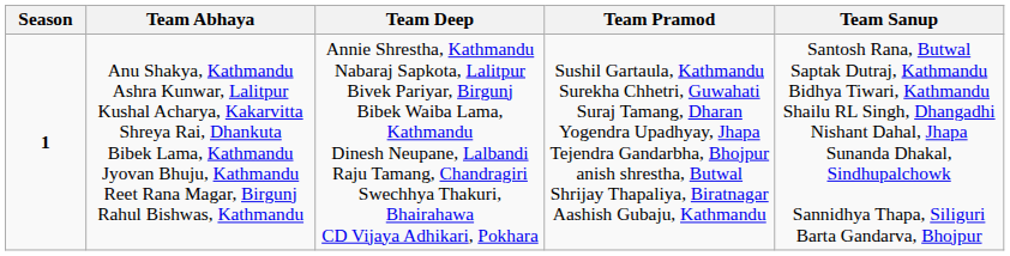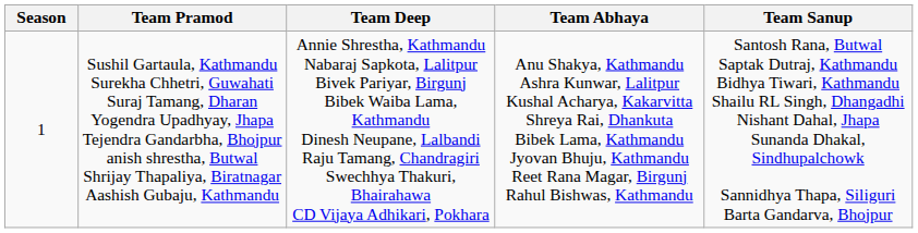 <table class="wikitable plainrowheaders" style="text-align:center">
 <tr>
 <th style="width:5%;" scope="col">Season</th>
+<th style="width:17%;" scope="col">Team Pramod</th>
+<th style="width:17%;" scope="col">Team Deep</th>
 <th style="width:17%;" scope="col">Team Abhaya</th>
-<th style="width:17%;" scope="col">Team Deep</th>
-<th style="width:17%;" scope="col">Team Pramod</th>
 <th style="width:17%;" scope="col">Team Sanup</th>
 </tr>
 <tr>
-<td scope="row"><strong>1</strong></td>
+<td scope="row">1</td>
+<td>Sushil Gartaula, <a href='#'>Kathmandu</a> <br>Surekha Chhetri, <a href='#'>Guwahati</a><br>Suraj Tamang, <a href='#'>Dharan</a><br>Yogendra Upadhyay, <a href='#'>Jhapa</a><br>Tejendra Gandarbha, <a href='#'>Bhojpur</a><br>anish shrestha, <a href='#'>Butwal</a><br>Shrijay Thapaliya, <a href='#'>Biratnagar</a><br>Aashish Gubaju, <a href='#'>Kathmandu</a></td>
+<td>Annie Shrestha, <a href='#'>Kathmandu</a><br>Nabaraj Sapkota, <a href='#'>Lalitpur</a> <br>Bivek Pariyar, <a href='#'>Birgunj</a><br>Bibek Waiba Lama, <a href='#'>Kathmandu</a><br>Dinesh Neupane, <a href='#'>Lalbandi</a><br>Raju Tamang, <a href='#'>Chandragiri</a><br>Swechhya Thakuri, <a href='#'>Bhairahawa</a><br><a href='#'>CD Vijaya Adhikari</a>, <a href='#'>Pokhara</a></td>
 <td>Anu Shakya, <a href='#'>Kathmandu</a> <br>Ashra Kunwar, <a href='#'>Lalitpur</a><br>Kushal Acharya, <a href='#'>Kakarvitta</a><br>Shreya Rai, <a href='#'>Dhankuta</a><br>Bibek Lama, <a href='#'>Kathmandu</a><br>Jyovan Bhuju, <a href='#'>Kathmandu</a><br>Reet Rana Magar, <a href='#'>Birgunj</a><br>Rahul Bishwas, <a href='#'>Kathmandu</a><br></td>
-<td>Annie Shrestha, <a href='#'>Kathmandu</a><br>Nabaraj Sapkota, <a href='#'>Lalitpur</a> <br>Bivek Pariyar, <a href='#'>Birgunj</a><br>Bibek Waiba Lama, <a href='#'>Kathmandu</a><br>Dinesh Neupane, <a href='#'>Lalbandi</a><br>Raju Tamang, <a href='#'>Chandragiri</a><br>Swechhya Thakuri, <a href='#'>Bhairahawa</a><br><a href='#'>CD Vijaya Adhikari</a>, <a href='#'>Pokhara</a></td>
-<td>Sushil Gartaula, <a href='#'>Kathmandu</a> <br>Surekha Chhetri, <a href='#'>Guwahati</a><br>Suraj Tamang, <a href='#'>Dharan</a><br>Yogendra Upadhyay, <a href='#'>Jhapa</a><br>Tejendra Gandarbha, <a href='#'>Bhojpur</a><br>anish shrestha, <a href='#'>Butwal</a><br>Shrijay Thapaliya, <a href='#'>Biratnagar</a><br>Aashish Gubaju, <a href='#'>Kathmandu</a></td>
 <td>Santosh Rana, <a href='#'>Butwal</a><br>Saptak Dutraj, <a href='#'>Kathmandu</a><br>Bidhya Tiwari, <a href='#'>Kathmandu</a><br>Shailu RL Singh, <a href='#'>Dhangadhi</a><br>Nishant Dahal, <a href='#'>Jhapa</a><br>Sunanda Dhakal, <a href='#'>Sindhupalchowk</a><br><br>Sannidhya Thapa, <a href='#'>Siliguri</a><br>Barta Gandarva, <a href='#'>Bhojpur</a></td>
 </tr>
 </table>
